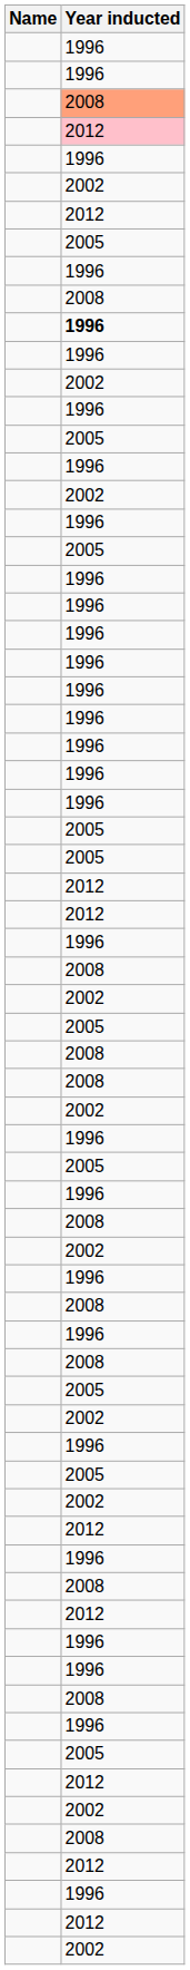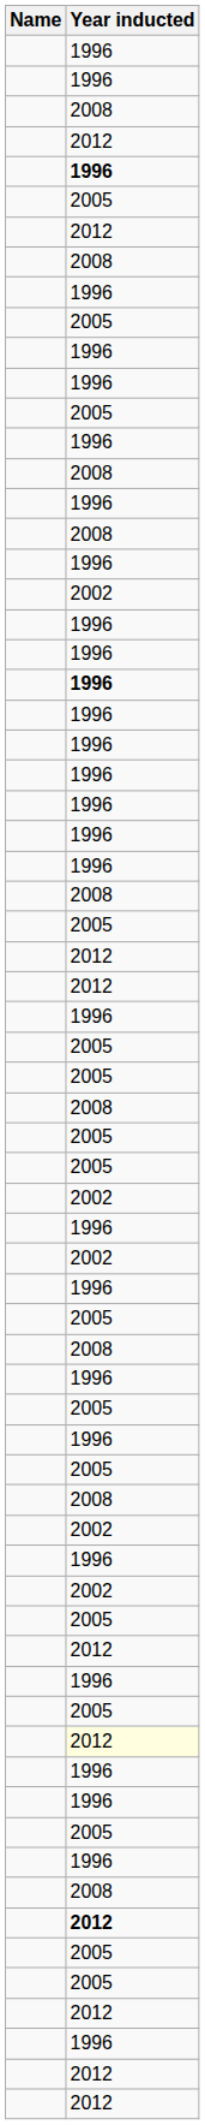 <table class="wikitable sortable">
 <tr>
 <th>Name</th>
 <th>Year inducted</th>
 </tr>
 <tr>
 <td></td>
 <td>1996</td>
 </tr>
 <tr>
 <td></td>
 <td>1996</td>
 </tr>
 <tr>
 <td></td>
-<td style="background: lightsalmon;">2008</td>
+<td>2008</td>
 </tr>
 <tr>
 <td></td>
-<td style="background: pink;">2012</td>
+<td>2012</td>
+</tr>
+<tr>
+<td></td>
+<td><strong>1996</strong></td>
+</tr>
+<tr>
+<td></td>
+<td>2005</td>
+</tr>
+<tr>
+<td></td>
+<td>2012</td>
+</tr>
+<tr>
+<td></td>
+<td>2008</td>
 </tr>
 <tr>
 <td></td>
 <td>1996</td>
 </tr>
 <tr>
 <td></td>
-<td>2002</td>
+<td>2005</td>
 </tr>
 <tr>
 <td></td>
-<td>2012</td>
+<td>1996</td>
+</tr>
+<tr>
+<td></td>
+<td>1996</td>
 </tr>
 <tr>
 <td></td>
 <td>2005</td>
 </tr>
 <tr>
 <td></td>
 <td>1996</td>
 </tr>
 <tr>
 <td></td>
 <td>2008</td>
 </tr>
 <tr>
 <td></td>
-<td><strong>1996</strong></td>
+<td>1996</td>
+</tr>
+<tr>
+<td></td>
+<td>2008</td>
 </tr>
 <tr>
 <td></td>
 <td>1996</td>
 </tr>
 <tr>
 <td></td>
 <td>2002</td>
 </tr>
 <tr>
 <td></td>
 <td>1996</td>
 </tr>
 <tr>
 <td></td>
-<td>2005</td>
-</tr>
-<tr>
-<td></td>
 <td>1996</td>
 </tr>
 <tr>
 <td></td>
-<td>2002</td>
-</tr>
-<tr>
-<td></td>
-<td>1996</td>
-</tr>
-<tr>
-<td></td>
-<td>2005</td>
+<td><strong>1996</strong></td>
 </tr>
 <tr>
 <td></td>
 <td>1996</td>
 </tr>
 <tr>
 <td></td>
 <td>1996</td>
 </tr>
 <tr>
 <td></td>
 <td>1996</td>
 </tr>
 <tr>
 <td></td>
 <td>1996</td>
 </tr>
 <tr>
 <td></td>
 <td>1996</td>
 </tr>
 <tr>
 <td></td>
 <td>1996</td>
 </tr>
 <tr>
 <td></td>
-<td>1996</td>
-</tr>
-<tr>
-<td></td>
-<td>1996</td>
-</tr>
-<tr>
-<td></td>
-<td>1996</td>
-</tr>
-<tr>
-<td></td>
-<td>2005</td>
+<td>2008</td>
 </tr>
 <tr>
 <td></td>
 <td>2005</td>
 </tr>
 <tr>
 <td></td>
 <td>2012</td>
 </tr>
 <tr>
 <td></td>
 <td>2012</td>
 </tr>
 <tr>
 <td></td>
 <td>1996</td>
 </tr>
 <tr>
 <td></td>
+<td>2005</td>
+</tr>
+<tr>
+<td></td>
+<td>2005</td>
+</tr>
+<tr>
+<td></td>
 <td>2008</td>
+</tr>
+<tr>
+<td></td>
+<td>2005</td>
+</tr>
+<tr>
+<td></td>
+<td>2005</td>
+</tr>
+<tr>
+<td></td>
+<td>2002</td>
+</tr>
+<tr>
+<td></td>
+<td>1996</td>
+</tr>
+<tr>
+<td></td>
+<td>2002</td>
+</tr>
+<tr>
+<td></td>
+<td>1996</td>
+</tr>
+<tr>
+<td></td>
+<td>2005</td>
+</tr>
+<tr>
+<td></td>
+<td>2008</td>
+</tr>
+<tr>
+<td></td>
+<td>1996</td>
+</tr>
+<tr>
+<td></td>
+<td>2005</td>
+</tr>
+<tr>
+<td></td>
+<td>1996</td>
+</tr>
+<tr>
+<td></td>
+<td>2005</td>
+</tr>
+<tr>
+<td></td>
+<td>2008</td>
+</tr>
+<tr>
+<td></td>
+<td>2002</td>
+</tr>
+<tr>
+<td></td>
+<td>1996</td>
 </tr>
 <tr>
 <td></td>
 <td>2002</td>
 </tr>
 <tr>
 <td></td>
 <td>2005</td>
 </tr>
 <tr>
 <td></td>
-<td>2008</td>
+<td>2012</td>
 </tr>
 <tr>
 <td></td>
-<td>2008</td>
+<td>1996</td>
 </tr>
 <tr>
 <td></td>
-<td>2002</td>
+<td>2005</td>
+</tr>
+<tr>
+<td></td>
+<td style="background: lightyellow;">2012</td>
+</tr>
+<tr>
+<td></td>
+<td>1996</td>
 </tr>
 <tr>
 <td></td>
 <td>1996</td>
 </tr>
 <tr>
 <td></td>
 <td>2005</td>
 </tr>
 <tr>
 <td></td>
 <td>1996</td>
 </tr>
 <tr>
 <td></td>
 <td>2008</td>
 </tr>
 <tr>
 <td></td>
-<td>2002</td>
-</tr>
-<tr>
-<td></td>
-<td>1996</td>
-</tr>
-<tr>
-<td></td>
-<td>2008</td>
-</tr>
-<tr>
-<td></td>
-<td>1996</td>
-</tr>
-<tr>
-<td></td>
-<td>2008</td>
+<td><strong>2012</strong></td>
 </tr>
 <tr>
 <td></td>
 <td>2005</td>
 </tr>
 <tr>
 <td></td>
-<td>2002</td>
-</tr>
-<tr>
-<td></td>
-<td>1996</td>
-</tr>
-<tr>
-<td></td>
 <td>2005</td>
-</tr>
-<tr>
-<td></td>
-<td>2002</td>
-</tr>
-<tr>
-<td></td>
-<td>2012</td>
-</tr>
-<tr>
-<td></td>
-<td>1996</td>
-</tr>
-<tr>
-<td></td>
-<td>2008</td>
-</tr>
-<tr>
-<td></td>
-<td>2012</td>
-</tr>
-<tr>
-<td></td>
-<td>1996</td>
-</tr>
-<tr>
-<td></td>
-<td>1996</td>
-</tr>
-<tr>
-<td></td>
-<td>2008</td>
-</tr>
-<tr>
-<td></td>
-<td>1996</td>
-</tr>
-<tr>
-<td></td>
-<td>2005</td>
-</tr>
-<tr>
-<td></td>
-<td>2012</td>
-</tr>
-<tr>
-<td></td>
-<td>2002</td>
-</tr>
-<tr>
-<td></td>
-<td>2008</td>
 </tr>
 <tr>
 <td></td>
 <td>2012</td>
 </tr>
 <tr>
 <td></td>
 <td>1996</td>
 </tr>
 <tr>
 <td></td>
 <td>2012</td>
 </tr>
 <tr>
 <td></td>
-<td>2002</td>
+<td>2012</td>
 </tr>
 </table>
